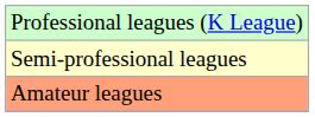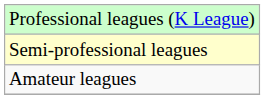 <table class="wikitable">
 <tr bgcolor=#ccffcc>
 <td>Professional leagues (<a href='#'>K League</a>)</td>
 </tr>
 <tr bgcolor=#ffffcc>
 <td>Semi-professional leagues</td>
 </tr>
 <tr>
-<td style="background: lightsalmon;">Amateur leagues</td>
+<td>Amateur leagues</td>
 </tr>
 <tr>
 </tr>
 </table>
